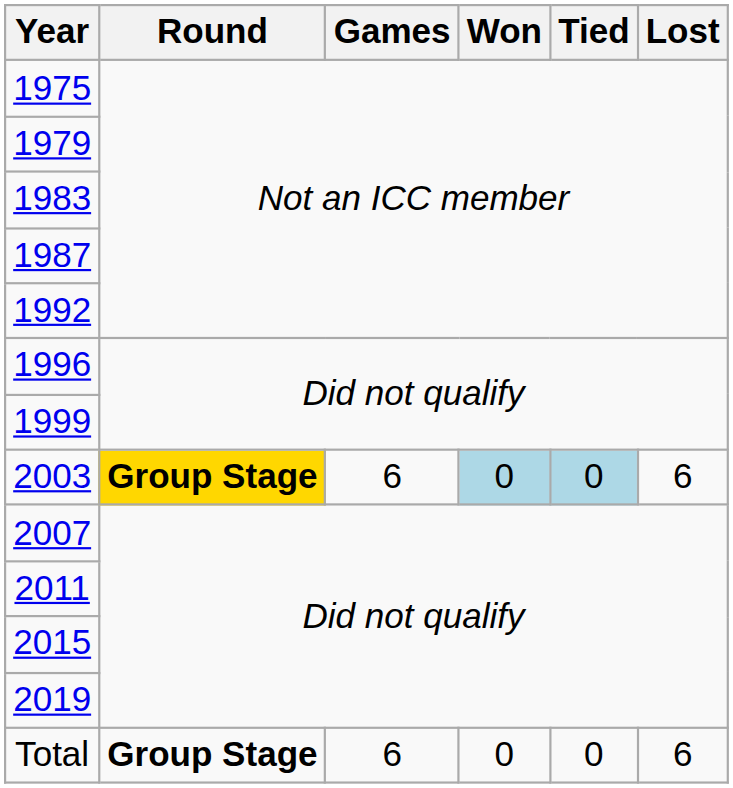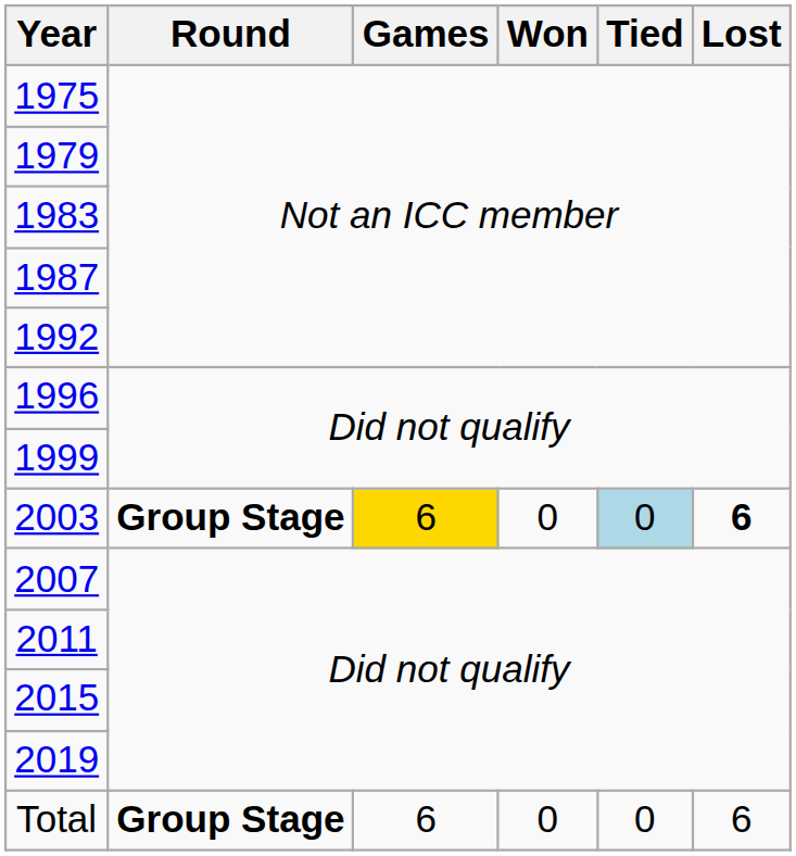 <table class="wikitable" style="text-align: center;">
 <tr>
 <th>Year</th>
 <th>Round</th>
 <th>Games</th>
 <th>Won</th>
 <th>Tied</th>
 <th>Lost</th>
 </tr>
 <tr>
 <td><a href='#'>1975</a></td>
 <td colspan="7" rowspan="5"><em>Not an ICC member</em></td>
 </tr>
 <tr>
 <td><a href='#'>1979</a></td>
 </tr>
 <tr>
 <td><a href='#'>1983</a></td>
 </tr>
 <tr>
 <td><a href='#'>1987</a></td>
 </tr>
 <tr>
 <td><a href='#'>1992</a></td>
 </tr>
 <tr>
 <td><a href='#'>1996</a></td>
 <td colspan="7" rowspan="2"><em>Did not qualify</em></td>
 </tr>
 <tr>
 <td><a href='#'>1999</a></td>
 </tr>
 <tr>
 <td><a href='#'>2003</a></td>
-<td style="background: gold;"><strong>Group Stage</strong></td>
-<td>6</td>
+<td><strong>Group Stage</strong></td>
+<td style="background: gold;">6</td>
+<td>0</td>
 <td style="background: lightblue;">0</td>
-<td style="background: lightblue;">0</td>
-<td>6</td>
+<td><strong>6</strong></td>
 </tr>
 <tr>
 <td><a href='#'>2007</a></td>
 <td colspan="7" rowspan="4"><em>Did not qualify</em></td>
 </tr>
 <tr>
 <td><a href='#'>2011</a></td>
 </tr>
 <tr>
 <td><a href='#'>2015</a></td>
 </tr>
 <tr>
 <td><a href='#'>2019</a></td>
 </tr>
 <tr>
 <td>Total</td>
 <td><strong>Group Stage</strong></td>
 <td>6</td>
 <td>0</td>
 <td>0</td>
 <td>6</td>
 </tr>
 </table>
